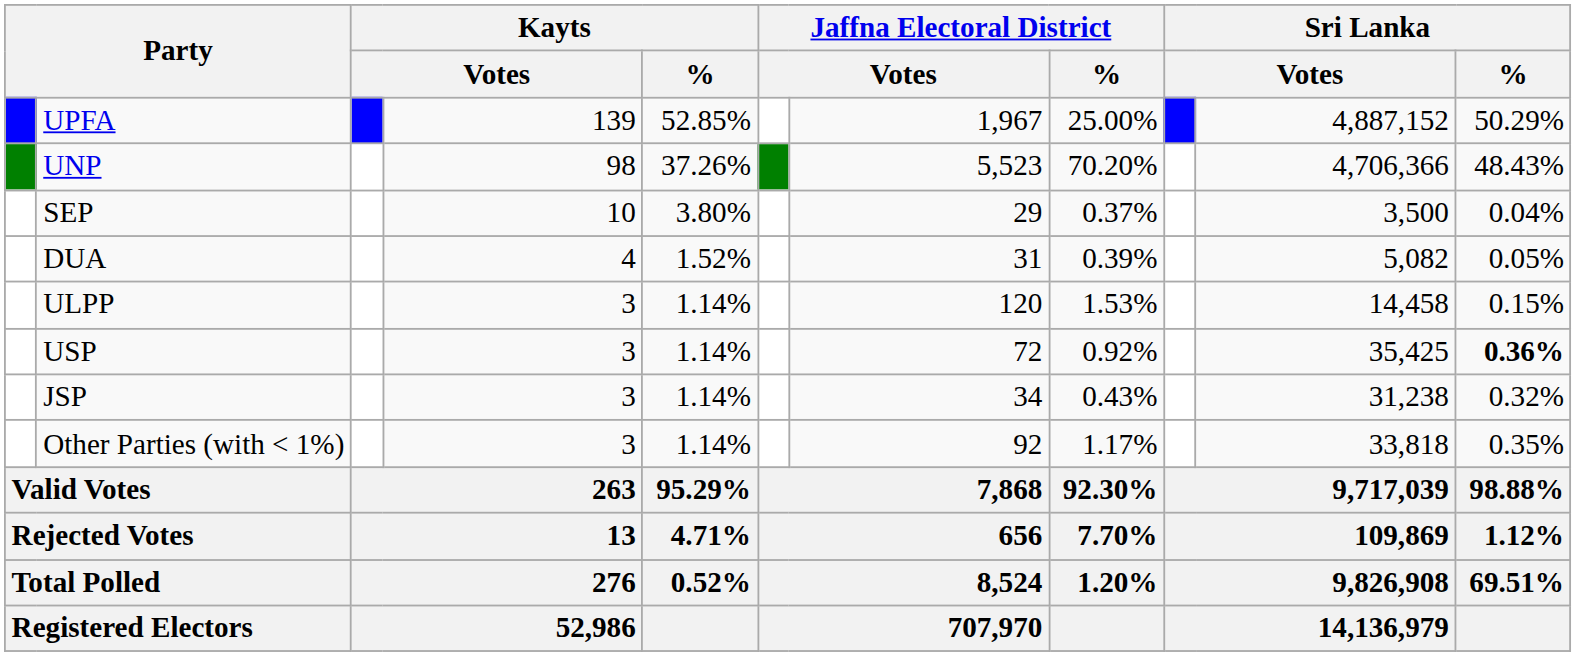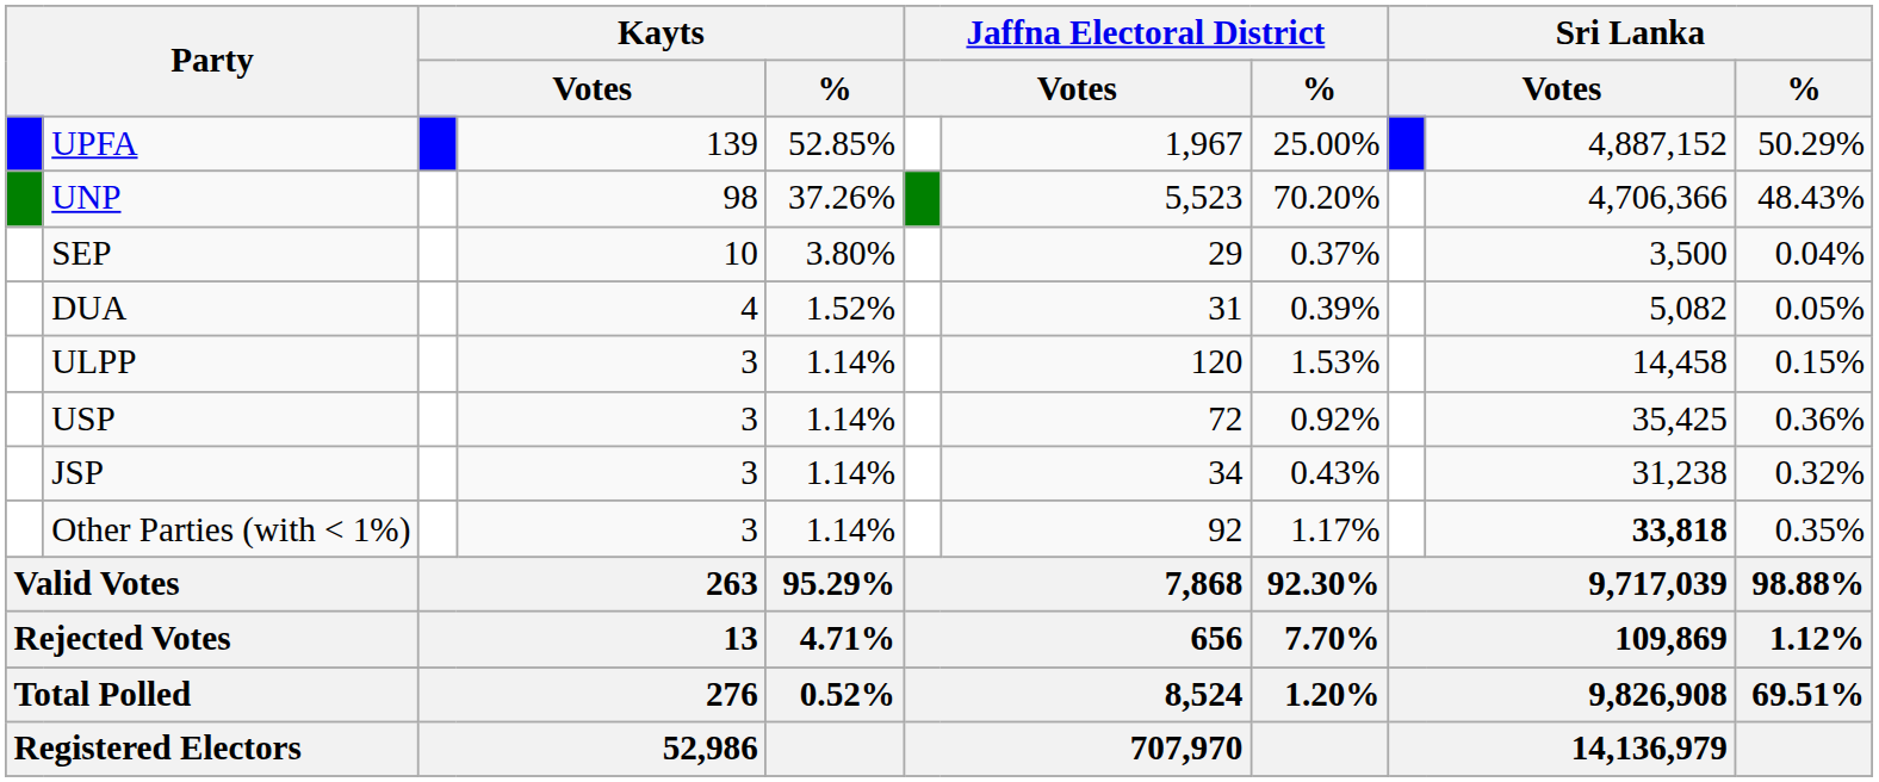 <table class="wikitable">
 <tr>
 <th colspan="2" width="144px"rowspan="2">Party</th>
 <th colspan="3" width="216px">Kayts</th>
 <th colspan="3" width="216px"><a href='#'>Jaffna Electoral District</a></th>
 <th colspan="3" width="216px">Sri Lanka</th>
 </tr>
 <tr>
 <th colspan="2" width="144px">Votes</th>
 <th>%</th>
 <th colspan="2" width="144px">Votes</th>
 <th>%</th>
 <th colspan="2" width="144px">Votes</th>
 <th>%</th>
 </tr>
 <tr>
 <td style="background-color:blue;" width="10px"></td>
 <td style="text-align:left;"><a href='#'>UPFA</a></td>
 <td style="background-color:blue;" width="10px"></td>
 <td style="text-align:right;">139</td>
 <td style="text-align:right;">52.85%</td>
 <td style="background-color:white;" width="10px"></td>
 <td style="text-align:right;">1,967</td>
 <td style="text-align:right;">25.00%</td>
 <td style="background-color:blue;" width="10px"></td>
 <td style="text-align:right;">4,887,152</td>
 <td style="text-align:right;">50.29%</td>
 </tr>
 <tr>
 <td style="background-color:green;" width="10px"></td>
 <td style="text-align:left;"><a href='#'>UNP</a></td>
 <td style="background-color:white;" width="10px"></td>
 <td style="text-align:right;">98</td>
 <td style="text-align:right;">37.26%</td>
 <td style="background-color:green;" width="10px"></td>
 <td style="text-align:right;">5,523</td>
 <td style="text-align:right;">70.20%</td>
 <td style="background-color:white;" width="10px"></td>
 <td style="text-align:right;">4,706,366</td>
 <td style="text-align:right;">48.43%</td>
 </tr>
 <tr>
 <td style="background-color:white;" width="10px"></td>
 <td style="text-align:left;">SEP</td>
 <td style="background-color:white;" width="10px"></td>
 <td style="text-align:right;">10</td>
 <td style="text-align:right;">3.80%</td>
 <td style="background-color:white;" width="10px"></td>
 <td style="text-align:right;">29</td>
 <td style="text-align:right;">0.37%</td>
 <td style="background-color:white;" width="10px"></td>
 <td style="text-align:right;">3,500</td>
 <td style="text-align:right;">0.04%</td>
 </tr>
 <tr>
 <td style="background-color:white;" width="10px"></td>
 <td style="text-align:left;">DUA</td>
 <td style="background-color:white;" width="10px"></td>
 <td style="text-align:right;">4</td>
 <td style="text-align:right;">1.52%</td>
 <td style="background-color:white;" width="10px"></td>
 <td style="text-align:right;">31</td>
 <td style="text-align:right;">0.39%</td>
 <td style="background-color:white;" width="10px"></td>
 <td style="text-align:right;">5,082</td>
 <td style="text-align:right;">0.05%</td>
 </tr>
 <tr>
 <td style="background-color:white;" width="10px"></td>
 <td style="text-align:left;">ULPP</td>
 <td style="background-color:white;" width="10px"></td>
 <td style="text-align:right;">3</td>
 <td style="text-align:right;">1.14%</td>
 <td style="background-color:white;" width="10px"></td>
 <td style="text-align:right;">120</td>
 <td style="text-align:right;">1.53%</td>
 <td style="background-color:white;" width="10px"></td>
 <td style="text-align:right;">14,458</td>
 <td style="text-align:right;">0.15%</td>
 </tr>
 <tr>
 <td style="background-color:white;" width="10px"></td>
 <td style="text-align:left;">USP</td>
 <td style="background-color:white;" width="10px"></td>
 <td style="text-align:right;">3</td>
 <td style="text-align:right;">1.14%</td>
 <td style="background-color:white;" width="10px"></td>
 <td style="text-align:right;">72</td>
 <td style="text-align:right;">0.92%</td>
 <td style="background-color:white;" width="10px"></td>
 <td style="text-align:right;">35,425</td>
-<td style="text-align:right;"><strong>0.36%</strong></td>
+<td style="text-align:right;">0.36%</td>
 </tr>
 <tr>
 <td style="background-color:white;" width="10px"></td>
 <td style="text-align:left;">JSP</td>
 <td style="background-color:white;" width="10px"></td>
 <td style="text-align:right;">3</td>
 <td style="text-align:right;">1.14%</td>
 <td style="background-color:white;" width="10px"></td>
 <td style="text-align:right;">34</td>
 <td style="text-align:right;">0.43%</td>
 <td style="background-color:white;" width="10px"></td>
 <td style="text-align:right;">31,238</td>
 <td style="text-align:right;">0.32%</td>
 </tr>
 <tr>
 <td style="background-color:white;" width="10px"></td>
 <td style="text-align:left;">Other Parties (with < 1%)</td>
 <td style="background-color:white;" width="10px"></td>
 <td style="text-align:right;">3</td>
 <td style="text-align:right;">1.14%</td>
 <td style="background-color:white;" width="10px"></td>
 <td style="text-align:right;">92</td>
 <td style="text-align:right;">1.17%</td>
 <td style="background-color:white;" width="10px"></td>
-<td style="text-align:right;">33,818</td>
+<td style="text-align:right;"><strong>33,818</strong></td>
 <td style="text-align:right;">0.35%</td>
 </tr>
 <tr>
 <th colspan="2" width="144px"style="text-align:left;">Valid Votes</th>
 <th style="text-align:right;"colspan="2" width="144px">263</th>
 <th style="text-align:right;">95.29%</th>
 <th style="text-align:right;"colspan="2" width="144px">7,868</th>
 <th style="text-align:right;">92.30%</th>
 <th style="text-align:right;"colspan="2" width="144px">9,717,039</th>
 <th style="text-align:right;">98.88%</th>
 </tr>
 <tr>
 <th colspan="2" width="144px"style="text-align:left;">Rejected Votes</th>
 <th style="text-align:right;"colspan="2" width="144px">13</th>
 <th style="text-align:right;">4.71%</th>
 <th style="text-align:right;"colspan="2" width="144px">656</th>
 <th style="text-align:right;">7.70%</th>
 <th style="text-align:right;"colspan="2" width="144px">109,869</th>
 <th style="text-align:right;">1.12%</th>
 </tr>
 <tr>
 <th colspan="2" width="144px"style="text-align:left;">Total Polled</th>
 <th style="text-align:right;"colspan="2" width="144px">276</th>
 <th style="text-align:right;">0.52%</th>
 <th style="text-align:right;"colspan="2" width="144px">8,524</th>
 <th style="text-align:right;">1.20%</th>
 <th style="text-align:right;"colspan="2" width="144px">9,826,908</th>
 <th style="text-align:right;">69.51%</th>
 </tr>
 <tr>
 <th colspan="2" width="144px"style="text-align:left;">Registered Electors</th>
 <th style="text-align:right;"colspan="2" width="144px">52,986</th>
 <th></th>
 <th style="text-align:right;"colspan="2" width="144px">707,970</th>
 <th></th>
 <th style="text-align:right;"colspan="2" width="144px">14,136,979</th>
 <th></th>
 </tr>
 </table>
